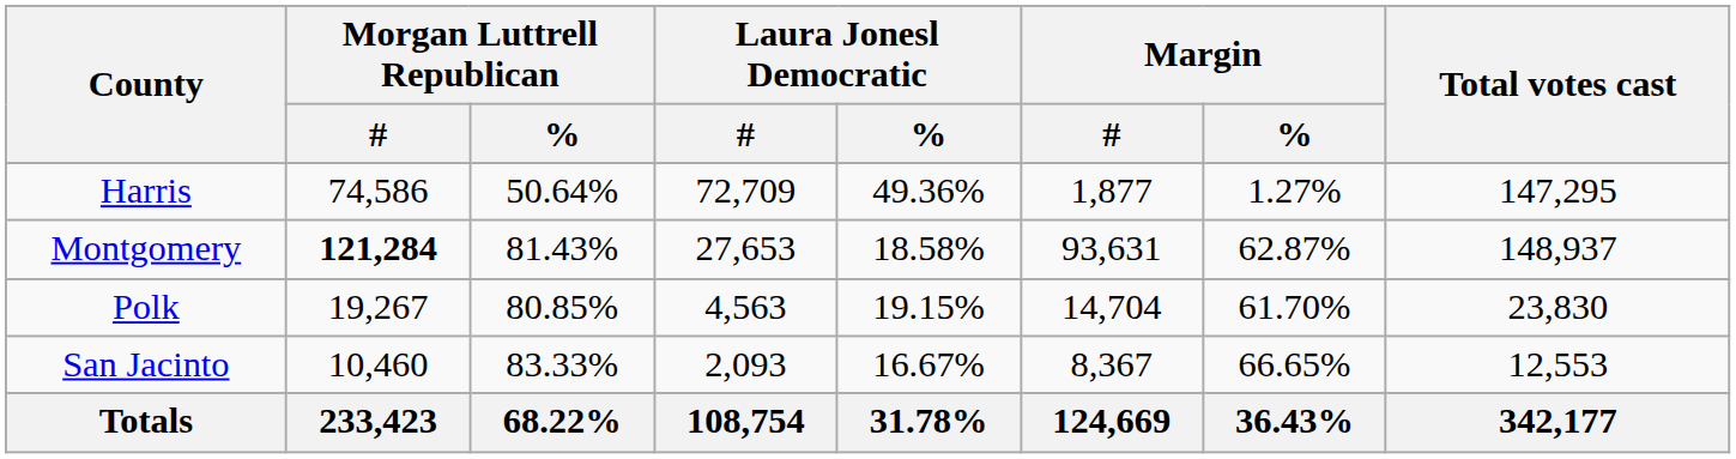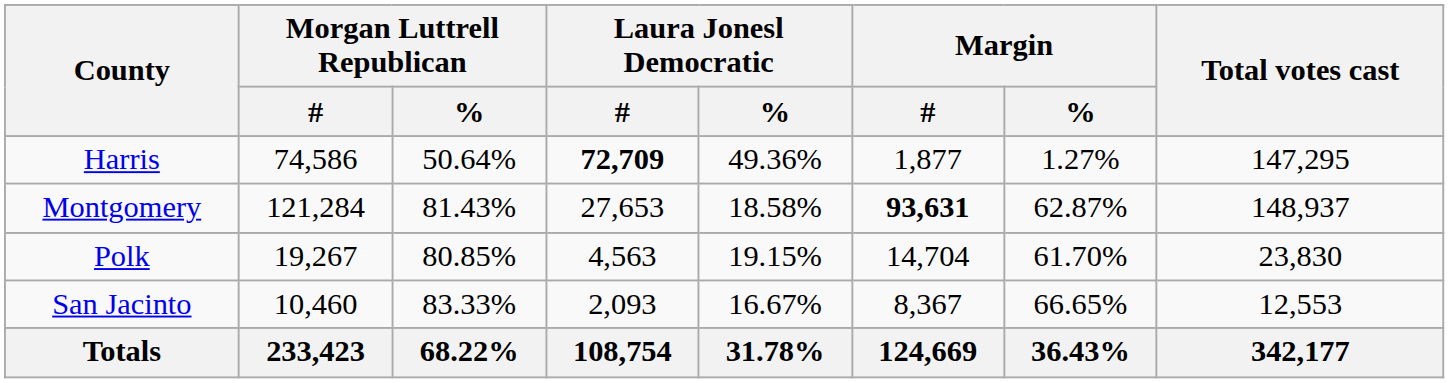 <table width="60%"  class="wikitable sortable" style="text-align:center">
 <tr>
 <th rowspan="2">County</th>
 <th style="text-align:center;" colspan="2">Morgan Luttrell<br>Republican</th>
 <th style="text-align:center;" colspan="2">Laura Jonesl<br>Democratic</th>
 <th style="text-align:center;" colspan="2">Margin</th>
 <th rowspan="2" style="text-align:center;">Total votes cast</th>
 </tr>
 <tr>
 <th style="text-align:center;" data-sort-type="number">#</th>
 <th style="text-align:center;" data-sort-type="number">%</th>
 <th style="text-align:center;" data-sort-type="number">#</th>
 <th style="text-align:center;" data-sort-type="number">%</th>
 <th style="text-align:center;" data-sort-type="number">#</th>
 <th style="text-align:center;" data-sort-type="number">%</th>
 </tr>
 <tr style="text-align:center;">
 <td style="background-color:"><a href='#'>Harris</a></td>
 <td style="background-color:">74,586</td>
 <td style="background-color:">50.64%</td>
-<td style="color:black;background-color:">72,709</td>
+<td style="color:black;background-color:"><strong>72,709</strong></td>
 <td style="color:black;background-color:">49.36%</td>
 <td style="background-color:">1,877</td>
 <td style="background-color:">1.27%</td>
 <td style="background-color:">147,295</td>
 </tr>
 <tr style="text-align:center;">
 <td style="background-color:"><a href='#'>Montgomery</a></td>
-<td style="background-color:"><strong>121,284</strong></td>
+<td style="background-color:">121,284</td>
 <td style="background-color:">81.43%</td>
 <td style="color:black;background-color:">27,653</td>
 <td style="color:black;background-color:">18.58%</td>
-<td style="background-color:">93,631</td>
+<td style="background-color:"><strong>93,631</strong></td>
 <td style="background-color:">62.87%</td>
 <td style="background-color:">148,937</td>
 </tr>
 <tr style="text-align:center;">
 <td style="background-color:"><a href='#'>Polk</a></td>
 <td style="background-color:">19,267</td>
 <td style="background-color:">80.85%</td>
 <td style="color:black;background-color:">4,563</td>
 <td style="color:black;background-color:">19.15%</td>
 <td style="background-color:">14,704</td>
 <td style="background-color:">61.70%</td>
 <td style="background-color:">23,830</td>
 </tr>
 <tr style="text-align:center;">
 <td style="background-color:"><a href='#'>San Jacinto</a></td>
 <td style="background-color:">10,460</td>
 <td style="background-color:">83.33%</td>
 <td style="color:black;background-color:">2,093</td>
 <td style="color:black;background-color:">16.67%</td>
 <td style="background-color:">8,367</td>
 <td style="background-color:">66.65%</td>
 <td style="background-color:">12,553</td>
 </tr>
 <tr style="text-align:center;">
 <th>Totals</th>
 <th>233,423</th>
 <th>68.22%</th>
 <th>108,754</th>
 <th>31.78%</th>
 <th>124,669</th>
 <th>36.43%</th>
 <th>342,177</th>
 </tr>
 </table>
